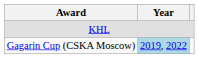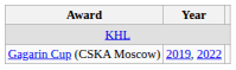 <table class="wikitable">
 <tr>
 <th>Award</th>
 <th>Year</th>
 <th></th>
 </tr>
 <tr ALIGN="center" bgcolor="#e0e0e0">
 <td colspan="3"><a href='#'>KHL</a></td>
 </tr>
 <tr>
 <td><a href='#'>Gagarin Cup</a> (CSKA Moscow)</td>
-<td style="background: lightblue;"><a href='#'>2019</a>, <a href='#'>2022</a></td>
+<td><a href='#'>2019</a>, <a href='#'>2022</a></td>
 <td></td>
 </tr>
 </table>
